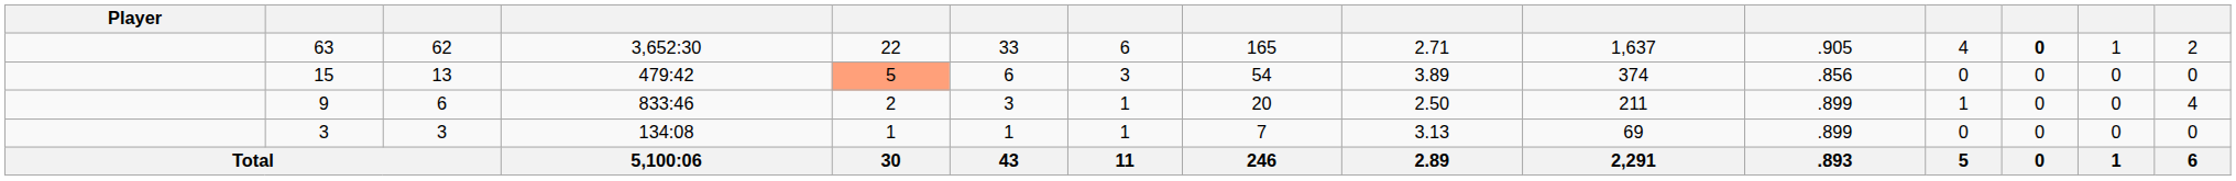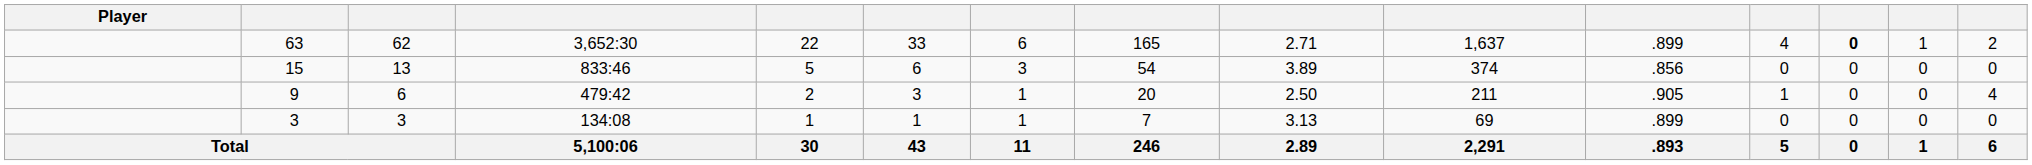 <table class="wikitable sortable" style="width:100%;">
 <tr>
 <th>Player</th>
 <th></th>
 <th></th>
 <th></th>
 <th></th>
 <th></th>
 <th></th>
 <th></th>
 <th></th>
 <th></th>
 <th></th>
 <th></th>
 <th></th>
 <th></th>
 <th></th>
 </tr>
 <tr align=center>
 <td></td>
 <td>63</td>
 <td>62</td>
 <td>3,652:30</td>
 <td>22</td>
 <td>33</td>
 <td>6</td>
 <td>165</td>
 <td>2.71</td>
 <td>1,637</td>
-<td>.905</td>
+<td>.899</td>
 <td>4</td>
 <td><strong>0</strong></td>
 <td>1</td>
 <td>2</td>
 </tr>
 <tr align=center>
 <td></td>
 <td>15</td>
 <td>13</td>
-<td>479:42</td>
-<td style="background: lightsalmon;">5</td>
+<td>833:46</td>
+<td>5</td>
 <td>6</td>
 <td>3</td>
 <td>54</td>
 <td>3.89</td>
 <td>374</td>
 <td>.856</td>
 <td>0</td>
 <td>0</td>
 <td>0</td>
 <td>0</td>
 </tr>
 <tr align=center>
 <td></td>
 <td>9</td>
 <td>6</td>
-<td>833:46</td>
+<td>479:42</td>
 <td>2</td>
 <td>3</td>
 <td>1</td>
 <td>20</td>
 <td>2.50</td>
 <td>211</td>
-<td>.899</td>
+<td>.905</td>
 <td>1</td>
 <td>0</td>
 <td>0</td>
 <td>4</td>
 </tr>
 <tr align=center>
 <td></td>
 <td>3</td>
 <td>3</td>
 <td>134:08</td>
 <td>1</td>
 <td>1</td>
 <td>1</td>
 <td>7</td>
 <td>3.13</td>
 <td>69</td>
 <td>.899</td>
 <td>0</td>
 <td>0</td>
 <td>0</td>
 <td>0</td>
 </tr>
 <tr class="sortbotom">
 <th colspan=3>Total</th>
 <th>5,100:06</th>
 <th>30</th>
 <th>43</th>
 <th>11</th>
 <th>246</th>
 <th>2.89</th>
 <th>2,291</th>
 <th>.893</th>
 <th>5</th>
 <th>0</th>
 <th>1</th>
 <th>6</th>
 </tr>
 </table>
